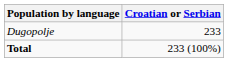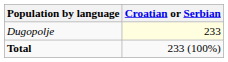 <table class="wikitable sortable">
 <tr>
 <th>Population by language</th>
 <th><a href='#'>Croatian</a> or <a href='#'>Serbian</a></th>
 </tr>
 <tr>
 <td><em>Dugopolje</em></td>
-<td align="right">233</td>
+<td align="right" style="background: lightyellow;">233</td>
 </tr>
 <tr>
 <td><strong>Total</strong></td>
 <td align="right">233 (100%)</td>
 </tr>
 </table>
